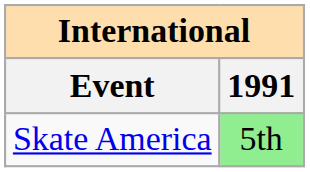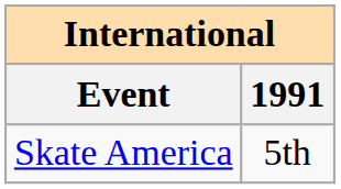 <table class="wikitable" style="text-align:center">
 <tr>
 <th style="background-color: #ffdead; " colspan=2 align=center>International</th>
 </tr>
 <tr>
 <th>Event</th>
 <th>1991</th>
 </tr>
 <tr>
 <td align=left><a href='#'>Skate America</a></td>
-<td style="background: lightgreen;">5th</td>
+<td>5th</td>
 </tr>
 </table>
